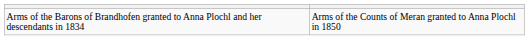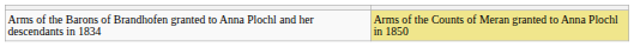 <table class="wikitable">
 <tr>
 <th></th>
 <th></th>
 </tr>
 <tr>
 <td>Arms of the Barons of Brandhofen granted to Anna Plochl and her descendants in 1834</td>
-<td>Arms of the Counts of Meran granted to Anna Plochl in 1850</td>
+<td style="background: khaki;">Arms of the Counts of Meran granted to Anna Plochl in 1850</td>
 </tr>
 </table>
